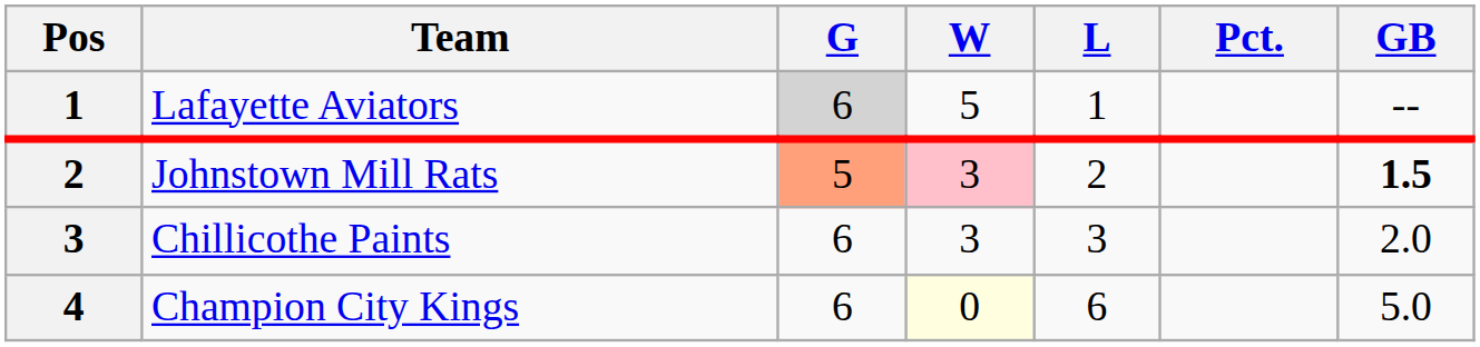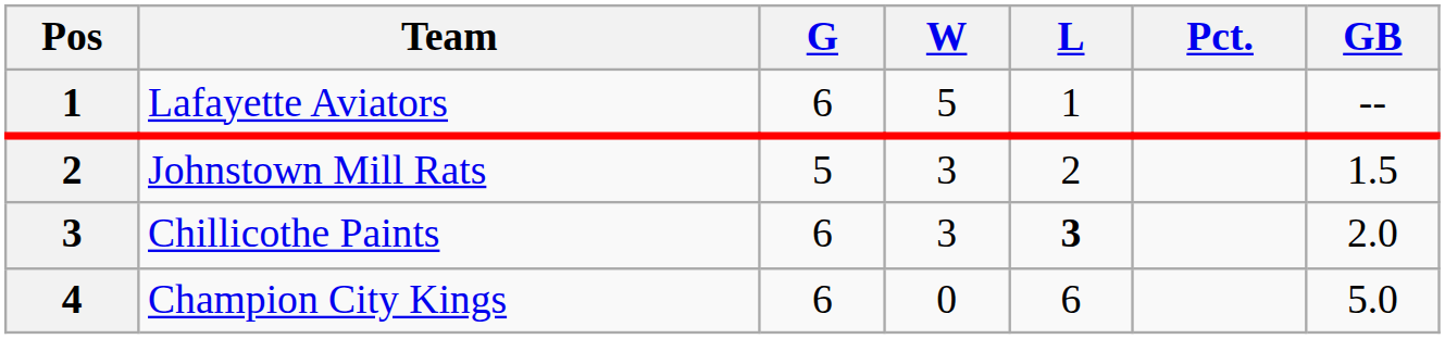 <table class="wikitable plainrowheaders" width="90%" style="text-align:center;">
 <tr>
 <th scope="col" width="5%">Pos</th>
 <th scope="col" width="25%">Team</th>
 <th scope="col" width="5%"><a href='#'>G</a></th>
 <th scope="col" width="5%"><a href='#'>W</a></th>
 <th scope="col" width="5%"><a href='#'>L</a></th>
 <th scope="col" width="7%"><a href='#'>Pct.</a></th>
 <th scope="col" width="5%"><a href='#'>GB</a></th>
 </tr>
 <tr>
 <th>1</th>
 <td style="text-align:left;"><a href='#'>Lafayette Aviators</a></td>
-<td style="background: lightgrey;">6</td>
+<td>6</td>
 <td>5</td>
 <td>1</td>
 <td></td>
 <td>--</td>
 </tr>
 <tr>
 </tr>
 <tr |- style="border-top:3px solid red;">
 <th>2</th>
 <td style="text-align:left;"><a href='#'>Johnstown Mill Rats</a></td>
-<td style="background: lightsalmon;">5</td>
-<td style="background: pink;">3</td>
+<td>5</td>
+<td>3</td>
 <td>2</td>
 <td></td>
-<td><strong>1.5</strong></td>
+<td>1.5</td>
 </tr>
 <tr>
 <th>3</th>
 <td style="text-align:left;"><a href='#'>Chillicothe Paints</a></td>
 <td>6</td>
 <td>3</td>
-<td>3</td>
+<td><strong>3</strong></td>
 <td></td>
 <td>2.0</td>
 </tr>
 <tr>
 <th>4</th>
 <td style="text-align:left;"><a href='#'>Champion City Kings</a></td>
 <td>6</td>
-<td style="background: lightyellow;">0</td>
+<td>0</td>
 <td>6</td>
 <td></td>
 <td>5.0</td>
 </tr>
 </table>
